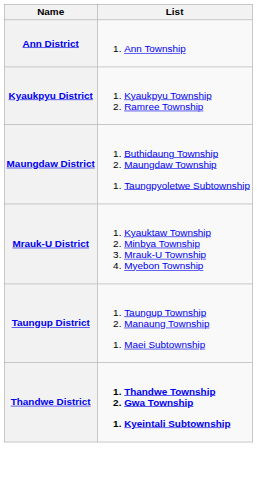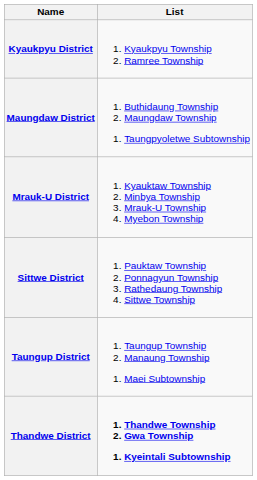 <table class=wikitable>
 <tr>
 <th>Name</th>
 <th>List</th>
-</tr>
-<tr>
-<th><a href='#'>Ann District</a></th>
-<td><br><ol><li><a href='#'>Ann Township</a></li></ol></td>
 </tr>
 <tr>
 <th><a href='#'>Kyaukpyu District</a></th>
 <td><br><ol><li><a href='#'>Kyaukpyu Township</a></li><li><a href='#'>Ramree Township</a></li></ol></td>
 </tr>
 <tr>
 <th><a href='#'>Maungdaw District</a></th>
 <td><br> <ol><li><a href='#'>Buthidaung Township</a></li><li><a href='#'>Maungdaw Township</a></li></ol><ol><li><a href='#'>Taungpyoletwe Subtownship</a></li></ol></td>
 </tr>
 <tr>
 <th><a href='#'>Mrauk-U District</a></th>
 <td><br><ol><li><a href='#'>Kyauktaw Township</a></li><li><a href='#'>Minbya Township</a></li><li><a href='#'>Mrauk-U Township</a></li><li><a href='#'>Myebon Township</a></li></ol></td>
 </tr>
 <tr>
+<th><a href='#'>Sittwe District</a></th>
+<td><br><ol><li><a href='#'>Pauktaw Township</a></li><li><a href='#'>Ponnagyun Township</a></li><li><a href='#'>Rathedaung Township</a></li><li><a href='#'>Sittwe Township</a></li></ol></td>
+</tr>
+<tr>
 <th><a href='#'>Taungup District</a></th>
 <td><br> <ol><li><a href='#'>Taungup Township</a></li><li><a href='#'>Manaung Township</a></li></ol><ol><li><a href='#'>Maei Subtownship</a></li></ol></td>
 </tr>
 <tr>
 <th><a href='#'>Thandwe District</a></th>
 <td><strong><br> <ol><li><a href='#'>Thandwe Township</a></li><li><a href='#'>Gwa Township</a></li></ol><ol><li><a href='#'>Kyeintali Subtownship</a></li></ol></strong></td>
 </tr>
 </table>
